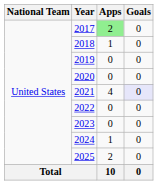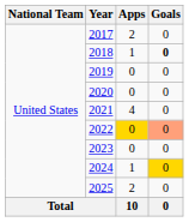 <table class="wikitable" style="text-align:center">
 <tr>
 <th>National Team</th>
 <th>Year</th>
 <th>Apps</th>
 <th>Goals</th>
 </tr>
 <tr>
 <td rowspan=9><a href='#'>United States</a></td>
 <td><a href='#'>2017</a></td>
-<td style="background: lightgreen;">2</td>
+<td>2</td>
 <td>0</td>
 </tr>
 <tr>
 <td><a href='#'>2018</a></td>
 <td>1</td>
-<td>0</td>
+<td><strong>0</strong></td>
 </tr>
 <tr>
 <td><a href='#'>2019</a></td>
 <td>0</td>
 <td>0</td>
 </tr>
 <tr>
 <td><a href='#'>2020</a></td>
 <td>0</td>
 <td>0</td>
 </tr>
 <tr>
 <td><a href='#'>2021</a></td>
 <td>4</td>
-<td style="background: lavender;">0</td>
+<td>0</td>
 </tr>
 <tr>
 <td><a href='#'>2022</a></td>
-<td>0</td>
-<td>0</td>
+<td style="background: gold;">0</td>
+<td style="background: lightsalmon;">0</td>
 </tr>
 <tr>
 <td><a href='#'>2023</a></td>
 <td>0</td>
 <td>0</td>
 </tr>
 <tr>
 <td><a href='#'>2024</a></td>
 <td>1</td>
-<td>0</td>
+<td style="background: gold;">0</td>
 </tr>
 <tr>
 <td><a href='#'>2025</a></td>
 <td>2</td>
 <td>0</td>
 </tr>
 <tr>
 <th colspan=2>Total</th>
 <th>10</th>
 <th>0</th>
 </tr>
 </table>
